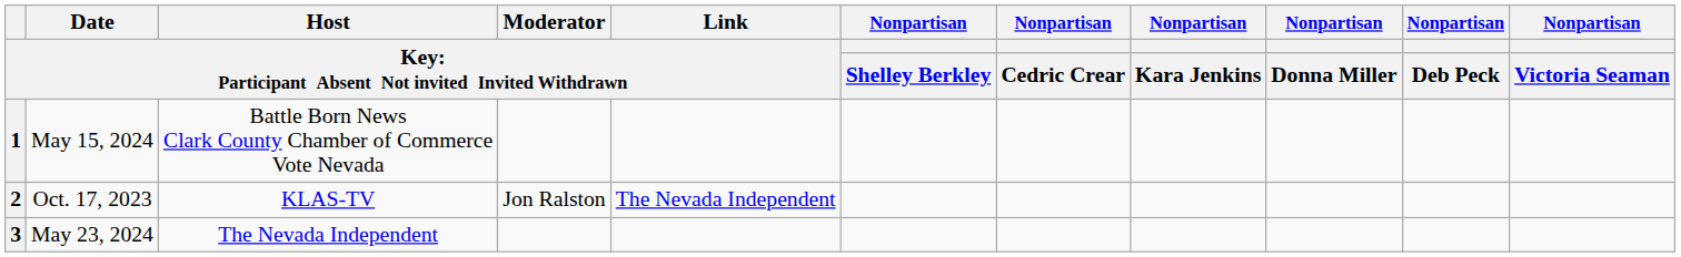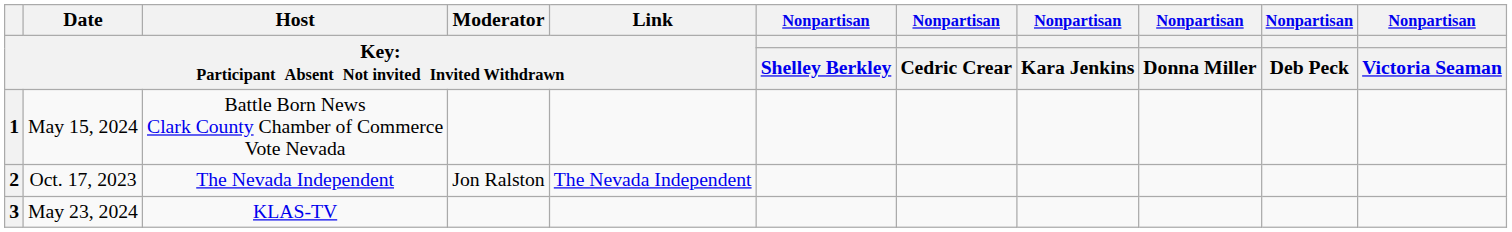 <table class="wikitable" style="text-align:center;">
 <tr>
 <th scope="col"></th>
 <th scope="col">Date</th>
 <th scope="col">Host</th>
 <th scope="col">Moderator</th>
 <th scope="col">Link</th>
 <th scope="col"><small><a href='#'>Nonpartisan</a></small></th>
 <th scope="col"><small><a href='#'>Nonpartisan</a></small></th>
 <th scope="col"><small><a href='#'>Nonpartisan</a></small></th>
 <th scope="col"><small><a href='#'>Nonpartisan</a></small></th>
 <th scope="col"><small><a href='#'>Nonpartisan</a></small></th>
 <th scope="col"><small><a href='#'>Nonpartisan</a></small></th>
 </tr>
 <tr>
 <th colspan="5" rowspan="2">Key:<br> <small>Participant </small>  <small>Absent </small>  <small>Not invited </small>  <small>Invited  Withdrawn</small></th>
 <th scope="col" style="background:"></th>
 <th scope="col" style="background:"></th>
 <th scope="col" style="background:"></th>
 <th scope="col" style="background:"></th>
 <th scope="col" style="background:"></th>
 <th scope="col" style="background:"></th>
 </tr>
 <tr>
 <th scope="col"><a href='#'>Shelley Berkley</a></th>
 <th scope="col">Cedric Crear</th>
 <th scope="col">Kara Jenkins</th>
 <th scope="col">Donna Miller</th>
 <th scope="col">Deb Peck</th>
 <th scope="col"><a href='#'>Victoria Seaman</a></th>
 </tr>
 <tr>
 <th>1</th>
 <td style="white-space:nowrap;">May 15, 2024</td>
 <td style="white-space:nowrap;">Battle Born News<br><a href='#'>Clark County</a> Chamber of Commerce<br>Vote Nevada</td>
 <td style="white-space:nowrap;"></td>
 <td style="white-space:nowrap;"></td>
 <td></td>
 <td></td>
 <td></td>
 <td></td>
 <td></td>
 <td></td>
 </tr>
 <tr>
 <th>2</th>
 <td style="white-space:nowrap;">Oct. 17, 2023</td>
-<td style="white-space:nowrap;"><a href='#'>KLAS-TV</a></td>
+<td style="white-space:nowrap;"><a href='#'>The Nevada Independent</a></td>
 <td style="white-space:nowrap;">Jon Ralston</td>
 <td style="white-space:nowrap;"><a href='#'>The Nevada Independent</a></td>
 <td></td>
 <td></td>
 <td></td>
 <td></td>
 <td></td>
 <td></td>
 </tr>
 <tr>
 <th>3</th>
 <td style="white-space:nowrap;">May 23, 2024</td>
-<td style="white-space:nowrap;"><a href='#'>The Nevada Independent</a></td>
+<td style="white-space:nowrap;"><a href='#'>KLAS-TV</a></td>
 <td style="white-space:nowrap;"></td>
 <td style="white-space:nowrap;"></td>
 <td></td>
 <td></td>
 <td></td>
 <td></td>
 <td></td>
 <td></td>
 </tr>
 </table>
